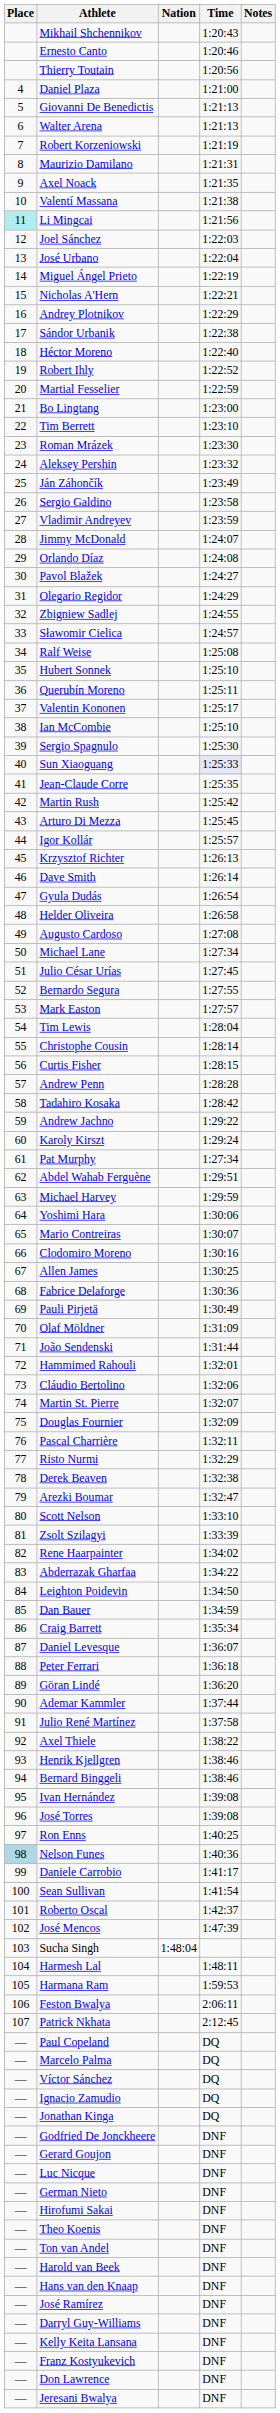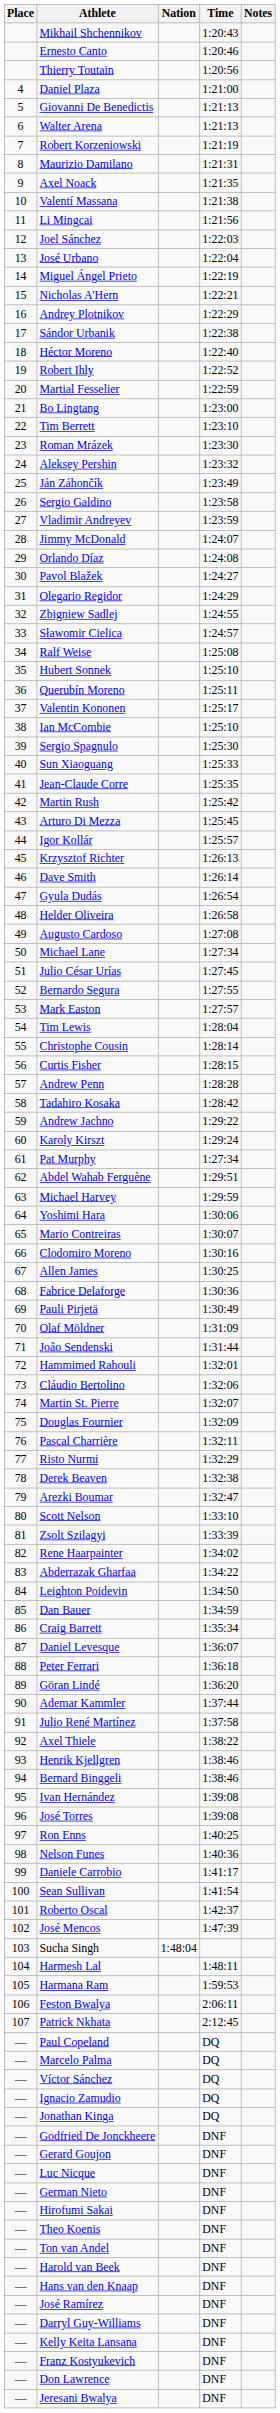 <table class=wikitable>
 <tr>
 <th>Place</th>
 <th>Athlete</th>
 <th>Nation</th>
 <th>Time</th>
 <th>Notes</th>
 </tr>
 <tr>
 <td align=center></td>
 <td><a href='#'>Mikhail Shchennikov</a></td>
 <td></td>
 <td>1:20:43</td>
 <td> </td>
 </tr>
 <tr>
 <td align=center></td>
 <td><a href='#'>Ernesto Canto</a></td>
 <td></td>
 <td>1:20:46</td>
 <td> </td>
 </tr>
 <tr>
 <td align=center></td>
 <td><a href='#'>Thierry Toutain</a></td>
 <td></td>
 <td>1:20:56</td>
 <td> </td>
 </tr>
 <tr>
 <td align=center>4</td>
 <td><a href='#'>Daniel Plaza</a></td>
 <td></td>
 <td>1:21:00</td>
 <td> </td>
 </tr>
 <tr>
 <td align=center>5</td>
 <td><a href='#'>Giovanni De Benedictis</a></td>
 <td></td>
 <td>1:21:13</td>
 <td align=center></td>
 </tr>
 <tr>
 <td align=center>6</td>
 <td><a href='#'>Walter Arena</a></td>
 <td></td>
 <td>1:21:13</td>
 <td> </td>
 </tr>
 <tr>
 <td align=center>7</td>
 <td><a href='#'>Robert Korzeniowski</a></td>
 <td></td>
 <td>1:21:19</td>
 <td> </td>
 </tr>
 <tr>
 <td align=center>8</td>
 <td><a href='#'>Maurizio Damilano</a></td>
 <td></td>
 <td>1:21:31</td>
 <td> </td>
 </tr>
 <tr>
 <td align=center>9</td>
 <td><a href='#'>Axel Noack</a></td>
 <td></td>
 <td>1:21:35</td>
 <td> </td>
 </tr>
 <tr>
 <td align=center>10</td>
 <td><a href='#'>Valentí Massana</a></td>
 <td></td>
 <td>1:21:38</td>
 <td> </td>
 </tr>
 <tr>
-<td align=center style="background: paleturquoise;">11</td>
+<td align=center>11</td>
 <td><a href='#'>Li Mingcai</a></td>
 <td></td>
 <td>1:21:56</td>
 <td> </td>
 </tr>
 <tr>
 <td align=center>12</td>
 <td><a href='#'>Joel Sánchez</a></td>
 <td></td>
 <td>1:22:03</td>
 <td> </td>
 </tr>
 <tr>
 <td align=center>13</td>
 <td><a href='#'>José Urbano</a></td>
 <td></td>
 <td>1:22:04</td>
 <td> </td>
 </tr>
 <tr>
 <td align=center>14</td>
 <td><a href='#'>Miguel Ángel Prieto</a></td>
 <td></td>
 <td>1:22:19</td>
 <td> </td>
 </tr>
 <tr>
 <td align=center>15</td>
 <td><a href='#'>Nicholas A'Hern</a></td>
 <td></td>
 <td>1:22:21</td>
 <td> </td>
 </tr>
 <tr>
 <td align=center>16</td>
 <td><a href='#'>Andrey Plotnikov</a></td>
 <td></td>
 <td>1:22:29</td>
 <td> </td>
 </tr>
 <tr>
 <td align=center>17</td>
 <td><a href='#'>Sándor Urbanik</a></td>
 <td></td>
 <td>1:22:38</td>
 <td> </td>
 </tr>
 <tr>
 <td align=center>18</td>
 <td><a href='#'>Héctor Moreno</a></td>
 <td></td>
 <td>1:22:40</td>
 <td> </td>
 </tr>
 <tr>
 <td align=center>19</td>
 <td><a href='#'>Robert Ihly</a></td>
 <td></td>
 <td>1:22:52</td>
 <td> </td>
 </tr>
 <tr>
 <td align=center>20</td>
 <td><a href='#'>Martial Fesselier</a></td>
 <td></td>
 <td>1:22:59</td>
 <td> </td>
 </tr>
 <tr>
 <td align=center>21</td>
 <td><a href='#'>Bo Lingtang</a></td>
 <td></td>
 <td>1:23:00</td>
 <td></td>
 </tr>
 <tr>
 <td align=center>22</td>
 <td><a href='#'>Tim Berrett</a></td>
 <td></td>
 <td>1:23:10</td>
 <td></td>
 </tr>
 <tr>
 <td align=center>23</td>
 <td><a href='#'>Roman Mrázek</a></td>
 <td></td>
 <td>1:23:30</td>
 <td></td>
 </tr>
 <tr>
 <td align=center>24</td>
 <td><a href='#'>Aleksey Pershin</a></td>
 <td></td>
 <td>1:23:32</td>
 <td></td>
 </tr>
 <tr>
 <td align=center>25</td>
 <td><a href='#'>Ján Záhončík</a></td>
 <td></td>
 <td>1:23:49</td>
 <td></td>
 </tr>
 <tr>
 <td align=center>26</td>
 <td><a href='#'>Sergio Galdino</a></td>
 <td></td>
 <td>1:23:58</td>
 <td></td>
 </tr>
 <tr>
 <td align=center>27</td>
 <td><a href='#'>Vladimir Andreyev</a></td>
 <td></td>
 <td>1:23:59</td>
 <td></td>
 </tr>
 <tr>
 <td align=center>28</td>
 <td><a href='#'>Jimmy McDonald</a></td>
 <td></td>
 <td>1:24:07</td>
 <td></td>
 </tr>
 <tr>
 <td align=center>29</td>
 <td><a href='#'>Orlando Díaz</a></td>
 <td></td>
 <td>1:24:08</td>
 <td></td>
 </tr>
 <tr>
 <td align=center>30</td>
 <td><a href='#'>Pavol Blažek</a></td>
 <td></td>
 <td>1:24:27</td>
 <td></td>
 </tr>
 <tr>
 <td align=center>31</td>
 <td><a href='#'>Olegario Regidor</a></td>
 <td></td>
 <td>1:24:29</td>
 <td></td>
 </tr>
 <tr>
 <td align=center>32</td>
 <td><a href='#'>Zbigniew Sadlej</a></td>
 <td></td>
 <td>1:24:55</td>
 <td></td>
 </tr>
 <tr>
 <td align=center>33</td>
 <td><a href='#'>Sławomir Cielica</a></td>
 <td></td>
 <td>1:24:57</td>
 <td></td>
 </tr>
 <tr>
 <td align=center>34</td>
 <td><a href='#'>Ralf Weise</a></td>
 <td></td>
 <td>1:25:08</td>
 <td></td>
 </tr>
 <tr>
 <td align=center>35</td>
 <td><a href='#'>Hubert Sonnek</a></td>
 <td></td>
 <td>1:25:10</td>
 <td></td>
 </tr>
 <tr>
 <td align=center>36</td>
 <td><a href='#'>Querubín Moreno</a></td>
 <td></td>
 <td>1:25:11</td>
 <td></td>
 </tr>
 <tr>
 <td align=center>37</td>
 <td><a href='#'>Valentin Kononen</a></td>
 <td></td>
 <td>1:25:17</td>
 <td></td>
 </tr>
 <tr>
 <td align=center>38</td>
 <td><a href='#'>Ian McCombie</a></td>
 <td></td>
 <td>1:25:10</td>
 <td></td>
 </tr>
 <tr>
 <td align=center>39</td>
 <td><a href='#'>Sergio Spagnulo</a></td>
 <td></td>
 <td>1:25:30</td>
 <td></td>
 </tr>
 <tr>
 <td align=center>40</td>
 <td><a href='#'>Sun Xiaoguang</a></td>
 <td></td>
-<td style="background: lavender;">1:25:33</td>
+<td>1:25:33</td>
 <td></td>
 </tr>
 <tr>
 <td align=center>41</td>
 <td><a href='#'>Jean-Claude Corre</a></td>
 <td></td>
 <td>1:25:35</td>
 <td></td>
 </tr>
 <tr>
 <td align=center>42</td>
 <td><a href='#'>Martin Rush</a></td>
 <td></td>
 <td>1:25:42</td>
 <td></td>
 </tr>
 <tr>
 <td align=center>43</td>
 <td><a href='#'>Arturo Di Mezza</a></td>
 <td></td>
 <td>1:25:45</td>
 <td></td>
 </tr>
 <tr>
 <td align=center>44</td>
 <td><a href='#'>Igor Kollár</a></td>
 <td></td>
 <td>1:25:57</td>
 <td></td>
 </tr>
 <tr>
 <td align=center>45</td>
 <td><a href='#'>Krzysztof Richter</a></td>
 <td></td>
 <td>1:26:13</td>
 <td></td>
 </tr>
 <tr>
 <td align=center>46</td>
 <td><a href='#'>Dave Smith</a></td>
 <td></td>
 <td>1:26:14</td>
 <td></td>
 </tr>
 <tr>
 <td align=center>47</td>
 <td><a href='#'>Gyula Dudás</a></td>
 <td></td>
 <td>1:26:54</td>
 <td></td>
 </tr>
 <tr>
 <td align=center>48</td>
 <td><a href='#'>Helder Oliveira</a></td>
 <td></td>
 <td>1:26:58</td>
 <td></td>
 </tr>
 <tr>
 <td align=center>49</td>
 <td><a href='#'>Augusto Cardoso</a></td>
 <td></td>
 <td>1:27:08</td>
 <td></td>
 </tr>
 <tr>
 <td align=center>50</td>
 <td><a href='#'>Michael Lane</a></td>
 <td></td>
 <td>1:27:34</td>
 <td></td>
 </tr>
 <tr>
 <td align=center>51</td>
 <td><a href='#'>Julio César Urías</a></td>
 <td></td>
 <td>1:27:45</td>
 <td></td>
 </tr>
 <tr>
 <td align=center>52</td>
 <td><a href='#'>Bernardo Segura</a></td>
 <td></td>
 <td>1:27:55</td>
 <td></td>
 </tr>
 <tr>
 <td align=center>53</td>
 <td><a href='#'>Mark Easton</a></td>
 <td></td>
 <td>1:27:57</td>
 <td></td>
 </tr>
 <tr>
 <td align=center>54</td>
 <td><a href='#'>Tim Lewis</a></td>
 <td></td>
 <td>1:28:04</td>
 <td></td>
 </tr>
 <tr>
 <td align=center>55</td>
 <td><a href='#'>Christophe Cousin</a></td>
 <td></td>
 <td>1:28:14</td>
 <td></td>
 </tr>
 <tr>
 <td align=center>56</td>
 <td><a href='#'>Curtis Fisher</a></td>
 <td></td>
 <td>1:28:15</td>
 <td></td>
 </tr>
 <tr>
 <td align=center>57</td>
 <td><a href='#'>Andrew Penn</a></td>
 <td></td>
 <td>1:28:28</td>
 <td></td>
 </tr>
 <tr>
 <td align=center>58</td>
 <td><a href='#'>Tadahiro Kosaka</a></td>
 <td></td>
 <td>1:28:42</td>
 <td></td>
 </tr>
 <tr>
 <td align=center>59</td>
 <td><a href='#'>Andrew Jachno</a></td>
 <td></td>
 <td>1:29:22</td>
 <td></td>
 </tr>
 <tr>
 <td align=center>60</td>
 <td><a href='#'>Karoly Kirszt</a></td>
 <td></td>
 <td>1:29:24</td>
 <td></td>
 </tr>
 <tr>
 <td align=center>61</td>
 <td><a href='#'>Pat Murphy</a></td>
 <td></td>
 <td>1:27:34</td>
 <td></td>
 </tr>
 <tr>
 <td align=center>62</td>
 <td><a href='#'>Abdel Wahab Ferguène</a></td>
 <td></td>
 <td>1:29:51</td>
 <td></td>
 </tr>
 <tr>
 <td align=center>63</td>
 <td><a href='#'>Michael Harvey</a></td>
 <td></td>
 <td>1:29:59</td>
 <td></td>
 </tr>
 <tr>
 <td align=center>64</td>
 <td><a href='#'>Yoshimi Hara</a></td>
 <td></td>
 <td>1:30:06</td>
 <td></td>
 </tr>
 <tr>
 <td align=center>65</td>
 <td><a href='#'>Mario Contreiras</a></td>
 <td></td>
 <td>1:30:07</td>
 <td></td>
 </tr>
 <tr>
 <td align=center>66</td>
 <td><a href='#'>Clodomiro Moreno</a></td>
 <td></td>
 <td>1:30:16</td>
 <td></td>
 </tr>
 <tr>
 <td align=center>67</td>
 <td><a href='#'>Allen James</a></td>
 <td></td>
 <td>1:30:25</td>
 <td></td>
 </tr>
 <tr>
 <td align=center>68</td>
 <td><a href='#'>Fabrice Delaforge</a></td>
 <td></td>
 <td>1:30:36</td>
 <td></td>
 </tr>
 <tr>
 <td align=center>69</td>
 <td><a href='#'>Pauli Pirjetä</a></td>
 <td></td>
 <td>1:30:49</td>
 <td></td>
 </tr>
 <tr>
 <td align=center>70</td>
 <td><a href='#'>Olaf Möldner</a></td>
 <td></td>
 <td>1:31:09</td>
 <td></td>
 </tr>
 <tr>
 <td align=center>71</td>
 <td><a href='#'>João Sendenski</a></td>
 <td></td>
 <td>1:31:44</td>
 <td></td>
 </tr>
 <tr>
 <td align=center>72</td>
 <td><a href='#'>Hammimed Rahouli</a></td>
 <td></td>
 <td>1:32:01</td>
 <td></td>
 </tr>
 <tr>
 <td align=center>73</td>
 <td><a href='#'>Cláudio Bertolino</a></td>
 <td></td>
 <td>1:32:06</td>
 <td></td>
 </tr>
 <tr>
 <td align=center>74</td>
 <td><a href='#'>Martin St. Pierre</a></td>
 <td></td>
 <td>1:32:07</td>
 <td></td>
 </tr>
 <tr>
 <td align=center>75</td>
 <td><a href='#'>Douglas Fournier</a></td>
 <td></td>
 <td>1:32:09</td>
 <td></td>
 </tr>
 <tr>
 <td align=center>76</td>
 <td><a href='#'>Pascal Charrière</a></td>
 <td></td>
 <td>1:32:11</td>
 <td></td>
 </tr>
 <tr>
 <td align=center>77</td>
 <td><a href='#'>Risto Nurmi</a></td>
 <td></td>
 <td>1:32:29</td>
 <td></td>
 </tr>
 <tr>
 <td align=center>78</td>
 <td><a href='#'>Derek Beaven</a></td>
 <td></td>
 <td>1:32:38</td>
 <td></td>
 </tr>
 <tr>
 <td align=center>79</td>
 <td><a href='#'>Arezki Boumar</a></td>
 <td></td>
 <td>1:32:47</td>
 <td></td>
 </tr>
 <tr>
 <td align=center>80</td>
 <td><a href='#'>Scott Nelson</a></td>
 <td></td>
 <td>1:33:10</td>
 <td></td>
 </tr>
 <tr>
 <td align=center>81</td>
 <td><a href='#'>Zsolt Szilagyi</a></td>
 <td></td>
 <td>1:33:39</td>
 <td></td>
 </tr>
 <tr>
 <td align=center>82</td>
 <td><a href='#'>Rene Haarpainter</a></td>
 <td></td>
 <td>1:34:02</td>
 <td></td>
 </tr>
 <tr>
 <td align=center>83</td>
 <td><a href='#'>Abderrazak Gharfaa</a></td>
 <td></td>
 <td>1:34:22</td>
 <td></td>
 </tr>
 <tr>
 <td align=center>84</td>
 <td><a href='#'>Leighton Poidevin</a></td>
 <td></td>
 <td>1:34:50</td>
 <td></td>
 </tr>
 <tr>
 <td align=center>85</td>
 <td><a href='#'>Dan Bauer</a></td>
 <td></td>
 <td>1:34:59</td>
 <td></td>
 </tr>
 <tr>
 <td align=center>86</td>
 <td><a href='#'>Craig Barrett</a></td>
 <td></td>
 <td>1:35:34</td>
 <td></td>
 </tr>
 <tr>
 <td align=center>87</td>
 <td><a href='#'>Daniel Levesque</a></td>
 <td></td>
 <td>1:36:07</td>
 <td></td>
 </tr>
 <tr>
 <td align=center>88</td>
 <td><a href='#'>Peter Ferrari</a></td>
 <td></td>
 <td>1:36:18</td>
 <td></td>
 </tr>
 <tr>
 <td align=center>89</td>
 <td><a href='#'>Göran Lindé</a></td>
 <td></td>
 <td>1:36:20</td>
 <td></td>
 </tr>
 <tr>
 <td align=center>90</td>
 <td><a href='#'>Ademar Kammler</a></td>
 <td></td>
 <td>1:37:44</td>
 <td></td>
 </tr>
 <tr>
 <td align=center>91</td>
 <td><a href='#'>Julio René Martínez</a></td>
 <td></td>
 <td>1:37:58</td>
 <td></td>
 </tr>
 <tr>
 <td align=center>92</td>
 <td><a href='#'>Axel Thiele</a></td>
 <td></td>
 <td>1:38:22</td>
 <td></td>
 </tr>
 <tr>
 <td align=center>93</td>
 <td><a href='#'>Henrik Kjellgren</a></td>
 <td></td>
 <td>1:38:46</td>
 <td></td>
 </tr>
 <tr>
 <td align=center>94</td>
 <td><a href='#'>Bernard Binggeli</a></td>
 <td></td>
 <td>1:38:46</td>
 <td></td>
 </tr>
 <tr>
 <td align=center>95</td>
 <td><a href='#'>Ivan Hernández</a></td>
 <td></td>
 <td>1:39:08</td>
 <td></td>
 </tr>
 <tr>
 <td align=center>96</td>
 <td><a href='#'>José Torres</a></td>
 <td></td>
 <td>1:39:08</td>
 <td></td>
 </tr>
 <tr>
 <td align=center>97</td>
 <td><a href='#'>Ron Enns</a></td>
 <td></td>
 <td>1:40:25</td>
 <td></td>
 </tr>
 <tr>
-<td align=center style="background: lightblue;">98</td>
+<td align=center>98</td>
 <td><a href='#'>Nelson Funes</a></td>
 <td></td>
 <td>1:40:36</td>
 <td></td>
 </tr>
 <tr>
 <td align=center>99</td>
 <td><a href='#'>Daniele Carrobio</a></td>
 <td></td>
 <td>1:41:17</td>
 <td></td>
 </tr>
 <tr>
 <td align=center>100</td>
 <td><a href='#'>Sean Sullivan</a></td>
 <td></td>
 <td>1:41:54</td>
 <td></td>
 </tr>
 <tr>
 <td align=center>101</td>
 <td><a href='#'>Roberto Oscal</a></td>
 <td></td>
 <td>1:42:37</td>
 <td></td>
 </tr>
 <tr>
 <td align=center>102</td>
 <td><a href='#'>José Mencos</a></td>
 <td></td>
 <td>1:47:39</td>
 <td></td>
 </tr>
 <tr>
 <td align=center>103</td>
 <td>Sucha Singh </td>
 <td>1:48:04</td>
 <td></td>
 </tr>
 <tr>
 <td align=center>104</td>
 <td><a href='#'>Harmesh Lal</a></td>
 <td></td>
 <td>1:48:11</td>
 <td></td>
 </tr>
 <tr>
 <td align=center>105</td>
 <td><a href='#'>Harmana Ram</a></td>
 <td></td>
 <td>1:59:53</td>
 <td></td>
 </tr>
 <tr>
 <td align=center>106</td>
 <td><a href='#'>Feston Bwalya</a></td>
 <td></td>
 <td>2:06:11</td>
 <td></td>
 </tr>
 <tr>
 <td align=center>107</td>
 <td><a href='#'>Patrick Nkhata</a></td>
 <td></td>
 <td>2:12:45</td>
 <td></td>
 </tr>
 <tr>
 <td align=center>—</td>
 <td><a href='#'>Paul Copeland</a></td>
 <td></td>
 <td>DQ</td>
 <td></td>
 </tr>
 <tr>
 <td align=center>—</td>
 <td><a href='#'>Marcelo Palma</a></td>
 <td></td>
 <td>DQ</td>
 <td></td>
 </tr>
 <tr>
 <td align=center>—</td>
 <td><a href='#'>Víctor Sánchez</a></td>
 <td></td>
 <td>DQ</td>
 <td></td>
 </tr>
 <tr>
 <td align=center>—</td>
 <td><a href='#'>Ignacio Zamudio</a></td>
 <td></td>
 <td>DQ</td>
 <td></td>
 </tr>
 <tr>
 <td align=center>—</td>
 <td><a href='#'>Jonathan Kinga</a></td>
 <td></td>
 <td>DQ</td>
 <td></td>
 </tr>
 <tr>
 <td align=center>—</td>
 <td><a href='#'>Godfried De Jonckheere</a></td>
 <td></td>
 <td>DNF</td>
 <td></td>
 </tr>
 <tr>
 <td align=center>—</td>
 <td><a href='#'>Gerard Goujon</a></td>
 <td></td>
 <td>DNF</td>
 <td></td>
 </tr>
 <tr>
 <td align=center>—</td>
 <td><a href='#'>Luc Nicque</a></td>
 <td></td>
 <td>DNF</td>
 <td></td>
 </tr>
 <tr>
 <td align=center>—</td>
 <td><a href='#'>German Nieto</a></td>
 <td></td>
 <td>DNF</td>
 <td></td>
 </tr>
 <tr>
 <td align=center>—</td>
 <td><a href='#'>Hirofumi Sakai</a></td>
 <td></td>
 <td>DNF</td>
 <td></td>
 </tr>
 <tr>
 <td align=center>—</td>
 <td><a href='#'>Theo Koenis</a></td>
 <td></td>
 <td>DNF</td>
 <td></td>
 </tr>
 <tr>
 <td align=center>—</td>
 <td><a href='#'>Ton van Andel</a></td>
 <td></td>
 <td>DNF</td>
 <td></td>
 </tr>
 <tr>
 <td align=center>—</td>
 <td><a href='#'>Harold van Beek</a></td>
 <td></td>
 <td>DNF</td>
 <td></td>
 </tr>
 <tr>
 <td align=center>—</td>
 <td><a href='#'>Hans van den Knaap</a></td>
 <td></td>
 <td>DNF</td>
 <td></td>
 </tr>
 <tr>
 <td align=center>—</td>
 <td><a href='#'>José Ramírez</a></td>
 <td></td>
 <td>DNF</td>
 <td></td>
 </tr>
 <tr>
 <td align=center>—</td>
 <td><a href='#'>Darryl Guy-Williams</a></td>
 <td></td>
 <td>DNF</td>
 <td></td>
 </tr>
 <tr>
 <td align=center>—</td>
 <td><a href='#'>Kelly Keita Lansana</a></td>
 <td></td>
 <td>DNF</td>
 <td></td>
 </tr>
 <tr>
 <td align=center>—</td>
 <td><a href='#'>Franz Kostyukevich</a></td>
 <td></td>
 <td>DNF</td>
 <td></td>
 </tr>
 <tr>
 <td align=center>—</td>
 <td><a href='#'>Don Lawrence</a></td>
 <td></td>
 <td>DNF</td>
 <td></td>
 </tr>
 <tr>
 <td align=center>—</td>
 <td><a href='#'>Jeresani Bwalya</a></td>
 <td></td>
 <td>DNF</td>
 <td></td>
 </tr>
 </table>
